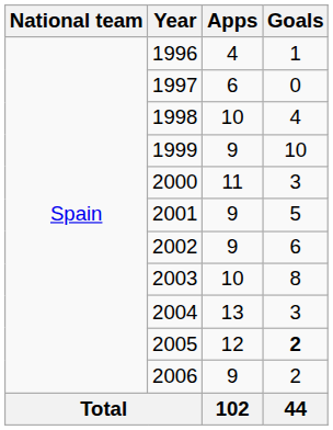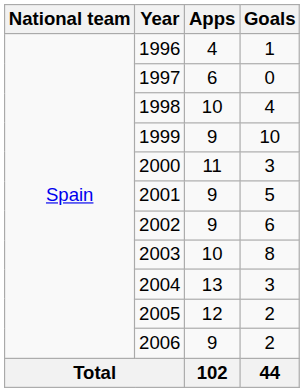 <table class="wikitable sortable" style="text-align:center">
 <tr>
 <th>National team</th>
 <th scope="col">Year</th>
 <th scope="col">Apps</th>
 <th scope="col">Goals</th>
 </tr>
 <tr>
 <td rowspan="11"><a href='#'>Spain</a></td>
 <td>1996</td>
 <td>4</td>
 <td>1</td>
 </tr>
 <tr>
 <td>1997</td>
 <td>6</td>
 <td>0</td>
 </tr>
 <tr>
 <td>1998</td>
 <td>10</td>
 <td>4</td>
 </tr>
 <tr>
 <td>1999</td>
 <td>9</td>
 <td>10</td>
 </tr>
 <tr>
 <td>2000</td>
 <td>11</td>
 <td>3</td>
 </tr>
 <tr>
 <td>2001</td>
 <td>9</td>
 <td>5</td>
 </tr>
 <tr>
 <td>2002</td>
 <td>9</td>
 <td>6</td>
 </tr>
 <tr>
 <td>2003</td>
 <td>10</td>
 <td>8</td>
 </tr>
 <tr>
 <td>2004</td>
 <td>13</td>
 <td>3</td>
 </tr>
 <tr>
 <td>2005</td>
 <td>12</td>
-<td><strong>2</strong></td>
+<td>2</td>
 </tr>
 <tr>
 <td>2006</td>
 <td>9</td>
 <td>2</td>
 </tr>
 <tr>
 <th colspan=2>Total</th>
 <th>102</th>
 <th>44</th>
 </tr>
 </table>
